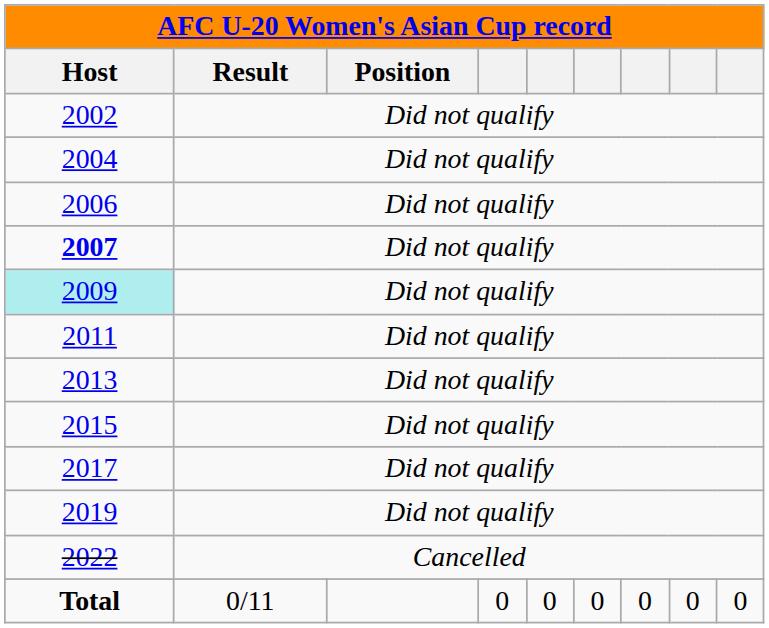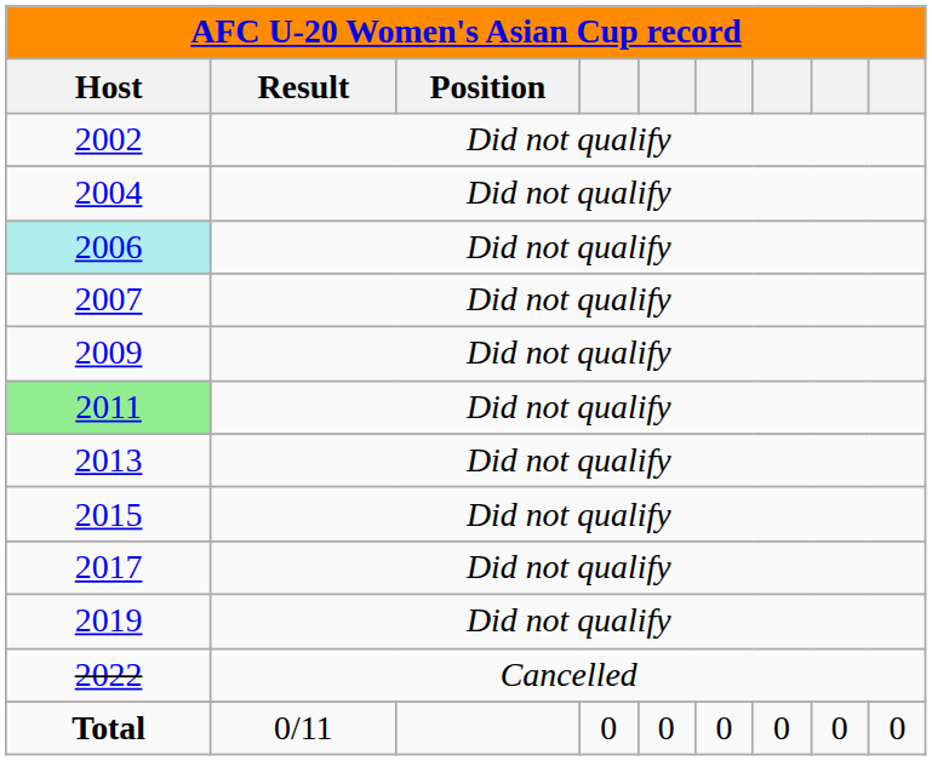 <table class="wikitable collapsible" style="text-align: center;">
 <tr>
 <th colspan=12 style="background: #FF8C00; color: #0000FF;"><a href='#'>AFC U-20 Women's Asian Cup record</a></th>
 </tr>
 <tr>
 <th width="90">Host</th>
 <th width="80">Result</th>
 <th width="80">Position</th>
 <th width="20"></th>
 <th width="20"></th>
 <th width="20"></th>
 <th width="20"></th>
 <th width="20"></th>
 <th width="20"></th>
 </tr>
 <tr>
 <td> <a href='#'>2002</a></td>
 <td colspan=10><em>Did not qualify</em></td>
 </tr>
 <tr>
 <td> <a href='#'>2004</a></td>
 <td colspan=10><em>Did not qualify</em></td>
 </tr>
 <tr>
-<td> <a href='#'>2006</a></td>
+<td style="background: paleturquoise;"> <a href='#'>2006</a></td>
 <td colspan=10><em>Did not qualify</em></td>
 </tr>
 <tr>
-<td><strong> <a href='#'>2007</a></strong></td>
+<td> <a href='#'>2007</a></td>
 <td colspan=10><em>Did not qualify</em></td>
 </tr>
 <tr>
-<td style="background: paleturquoise;"> <a href='#'>2009</a></td>
+<td> <a href='#'>2009</a></td>
 <td colspan=10><em>Did not qualify</em></td>
 </tr>
 <tr>
-<td> <a href='#'>2011</a></td>
+<td style="background: lightgreen;"> <a href='#'>2011</a></td>
 <td colspan=10><em>Did not qualify</em></td>
 </tr>
 <tr>
 <td> <a href='#'>2013</a></td>
 <td colspan=10><em>Did not qualify</em></td>
 </tr>
 <tr>
 <td> <a href='#'>2015</a></td>
 <td colspan=10><em>Did not qualify</em></td>
 </tr>
 <tr>
 <td> <a href='#'>2017</a></td>
 <td colspan=10><em>Did not qualify</em></td>
 </tr>
 <tr>
 <td> <a href='#'>2019</a></td>
 <td colspan=10><em>Did not qualify</em></td>
 </tr>
 <tr>
 <td><s><a href='#'>2022</a></s></td>
 <td colspan=10><em>Cancelled</em></td>
 </tr>
 <tr>
 <td><strong>Total</strong></td>
 <td>0/11</td>
 <td></td>
 <td>0</td>
 <td>0</td>
 <td>0</td>
 <td>0</td>
 <td>0</td>
 <td>0</td>
 </tr>
 </table>
